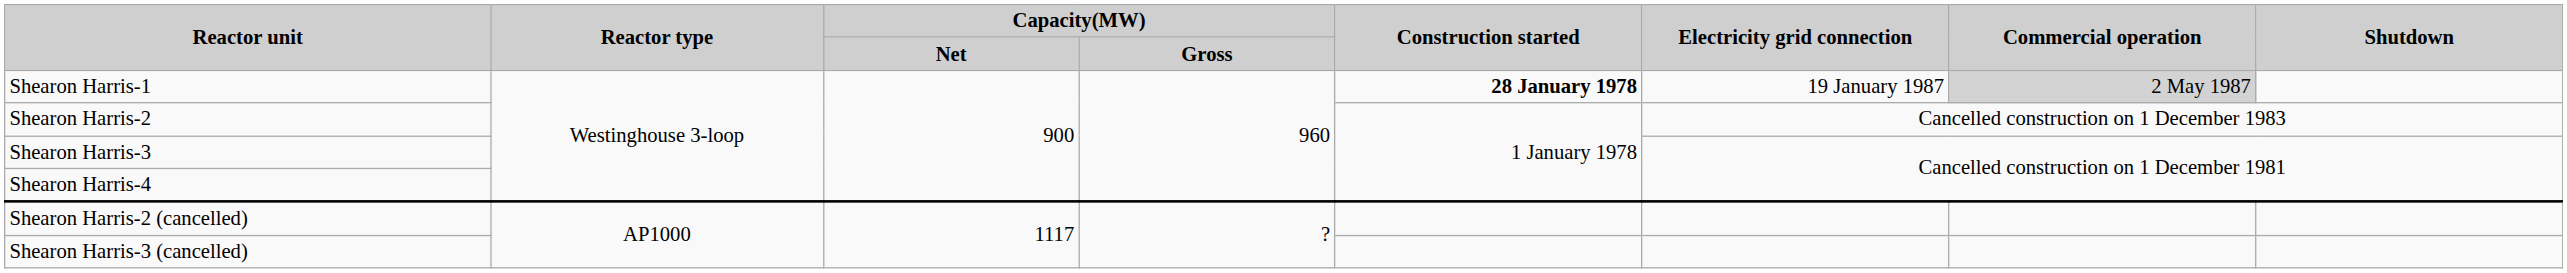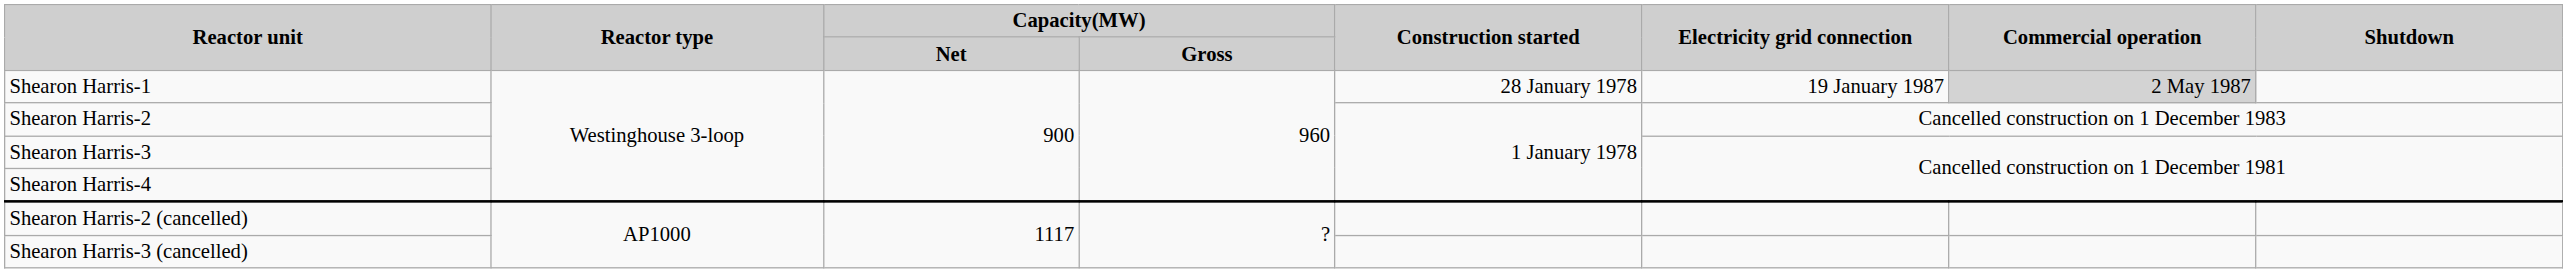 <table class="wikitable" style="width:100%;">
 <tr>
 <th rowspan="2" style="width:19%; background:#cfcfcf;">Reactor unit</th>
 <th rowspan="2" style="width:13%; background:#cfcfcf;">Reactor type</th>
 <th colspan="2" style="width:20%; background:#cfcfcf;">Capacity(MW)</th>
 <th rowspan="2" style="width:12%; background:#cfcfcf;">Construction started</th>
 <th rowspan="2" style="width:12%; background:#cfcfcf;">Electricity grid connection</th>
 <th rowspan="2" style="width:12%; background:#cfcfcf;">Commercial operation</th>
 <th rowspan="2" style="width:12%; background:#cfcfcf;">Shutdown</th>
 </tr>
 <tr>
 <th style="width:10%; background:#cfcfcf;">Net</th>
 <th style="width:10%; background:#cfcfcf;">Gross</th>
 </tr>
 <tr>
 <td>Shearon Harris-1</td>
 <td rowspan="4" style="text-align:center;">Westinghouse 3-loop</td>
 <td rowspan="4" style="text-align:right;">900</td>
 <td rowspan="4" style="text-align:right;">960</td>
-<td style="text-align:right;"><strong>28 January 1978</strong></td>
+<td style="text-align:right;">28 January 1978</td>
 <td style="text-align:right;">19 January 1987</td>
 <td style="background: lightgrey; text-align:right;">2 May 1987</td>
 <td style="text-align:right;"></td>
 </tr>
 <tr>
 <td>Shearon Harris-2</td>
 <td rowspan="3" style="text-align:right;">1 January 1978</td>
 <td colspan=3 style="text-align:center;">Cancelled construction on 1 December 1983</td>
 </tr>
 <tr>
 <td>Shearon Harris-3</td>
 <td colspan="3" rowspan="2" style="text-align:center;">Cancelled construction on 1 December 1981</td>
 </tr>
 <tr>
 <td>Shearon Harris-4</td>
 </tr>
 <tr style="border-top: 2px solid black;">
 <td>Shearon Harris-2 (cancelled)</td>
 <td rowspan="2" style="text-align:center;">AP1000</td>
 <td rowspan="2" style="text-align:right;">1117</td>
 <td rowspan="2" style="text-align:right;">?</td>
 <td style="text-align:right;"></td>
 <td style="text-align:right;"></td>
 <td style="text-align:right;"></td>
 <td style="text-align:right;"></td>
 </tr>
 <tr>
 <td>Shearon Harris-3 (cancelled)</td>
 <td style="text-align:right;"></td>
 <td style="text-align:right;"></td>
 <td style="text-align:right;"></td>
 <td style="text-align:right;"></td>
 </tr>
 </table>
